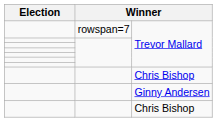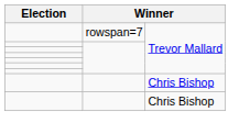 <table class=wikitable>
 <tr>
 <th width=100>Election</th>
 <th width=175 colspan=2>Winner</th>
 </tr>
 <tr>
 <td></td>
 <td>rowspan=7 </td>
 <td rowspan=7><a href='#'>Trevor Mallard</a></td>
 </tr>
 <tr>
 <td></td>
 </tr>
 <tr>
 <td></td>
 </tr>
 <tr>
 <td></td>
 </tr>
 <tr>
 <td></td>
 </tr>
 <tr>
 <td></td>
 </tr>
 <tr>
 <td></td>
 </tr>
 <tr>
 <td></td>
 <td></td>
 <td><a href='#'>Chris Bishop</a></td>
 </tr>
 <tr>
 <td></td>
 <td></td>
-<td><a href='#'>Ginny Andersen</a></td>
-</tr>
-<tr>
-<td></td>
-<td></td>
 <td>Chris Bishop</td>
 </tr>
 </table>
